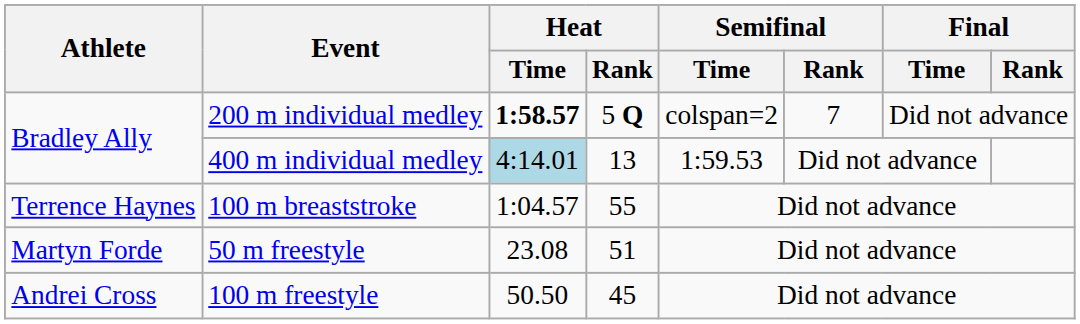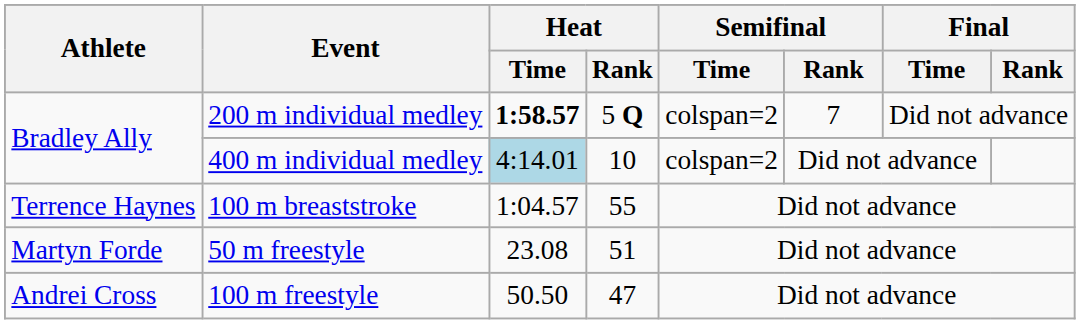 <table class=wikitable style="font-size:90%">
 <tr>
 <th rowspan="2">Athlete</th>
 <th rowspan="2">Event</th>
 <th colspan="2">Heat</th>
 <th colspan="2">Semifinal</th>
 <th colspan="2">Final</th>
 </tr>
 <tr style="font-size:95%">
 <th>Time</th>
 <th>Rank</th>
 <th>Time</th>
 <th>Rank</th>
 <th>Time</th>
 <th>Rank</th>
 </tr>
 <tr align=center>
 <td align=left rowspan=2><a href='#'>Bradley Ally</a></td>
 <td align=left><a href='#'>200 m individual medley</a></td>
 <td><strong>1:58.57</strong></td>
 <td>5 <strong>Q</strong></td>
 <td>colspan=2 </td>
 <td>7</td>
 <td colspan=2>Did not advance</td>
 </tr>
 <tr align=center>
 <td align=left><a href='#'>400 m individual medley</a></td>
 <td style="background: lightblue;">4:14.01</td>
-<td>13</td>
-<td>1:59.53</td>
+<td>10</td>
+<td>colspan=2 </td>
 <td colspan=2>Did not advance</td>
 </tr>
 <tr align=center>
 <td align=left><a href='#'>Terrence Haynes</a></td>
 <td align=left><a href='#'>100 m breaststroke</a></td>
 <td>1:04.57</td>
 <td>55</td>
 <td colspan=4>Did not advance</td>
 </tr>
 <tr align=center>
 <td align=left><a href='#'>Martyn Forde</a></td>
 <td align=left><a href='#'>50 m freestyle</a></td>
 <td>23.08</td>
 <td>51</td>
 <td colspan=4>Did not advance</td>
 </tr>
 <tr align=center>
 <td align=left><a href='#'>Andrei Cross</a></td>
 <td align=left><a href='#'>100 m freestyle</a></td>
 <td>50.50</td>
-<td>45</td>
+<td>47</td>
 <td colspan=4>Did not advance</td>
 </tr>
 </table>
